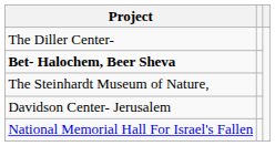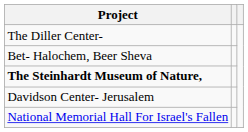 <table class="wikitable">
 <tr>
 <th>Project</th>
 <th></th>
 <th></th>
 </tr>
 <tr>
 <td>The Diller Center- </td>
 <td></td>
 </tr>
 <tr>
-<td><strong>Bet- Halochem, Beer Sheva</strong></td>
+<td>Bet- Halochem, Beer Sheva</td>
 <td></td>
 </tr>
 <tr>
-<td>The Steinhardt Museum of Nature, </td>
+<td><strong>The Steinhardt Museum of Nature, </strong></td>
 <td></td>
 </tr>
 <tr>
 <td>Davidson Center- Jerusalem</td>
 <td></td>
 </tr>
 <tr>
 <td><a href='#'>National Memorial Hall For Israel's Fallen</a></td>
 <td></td>
 </tr>
 </table>
